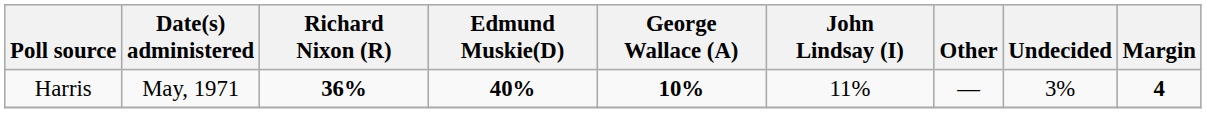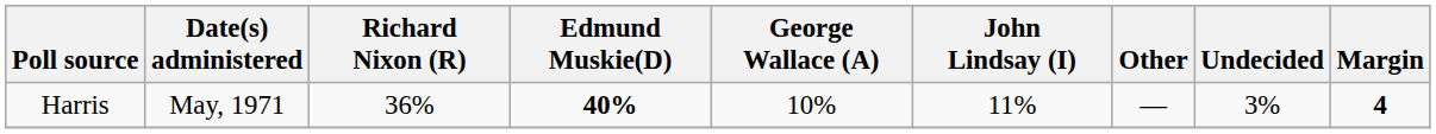 <table class="wikitable sortable" style="text-align:center;font-size:90%;line-height:17px">
 <tr valign= bottom>
 <th>Poll source</th>
 <th>Date(s)<br>administered</th>
 <th class="unsortable" style="width:100px;">Richard<br>Nixon (R)</th>
 <th class="unsortable" style="width:100px;">Edmund<br>Muskie(D)</th>
 <th class="unsortable" style="width:100px;">George<br>Wallace (A) </th>
 <th class="unsortable" style="width:100px;">John<br>Lindsay (I)</th>
 <th class="unsortable">Other</th>
 <th class="unsortable">Undecided</th>
 <th>Margin</th>
 </tr>
 <tr>
 <td align="center">Harris</td>
 <td>May, 1971</td>
-<td align="center"><strong>36%</strong></td>
+<td align="center">36%</td>
 <td><strong>40%</strong></td>
-<td align="center"><strong>10%</strong></td>
+<td align="center">10%</td>
 <td align="center">11%</td>
 <td align="center">—</td>
 <td align="center">3%</td>
 <td><strong>4</strong></td>
 </tr>
 <tr>
 </tr>
 </table>
